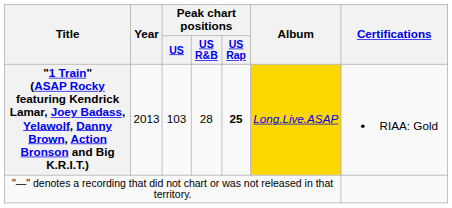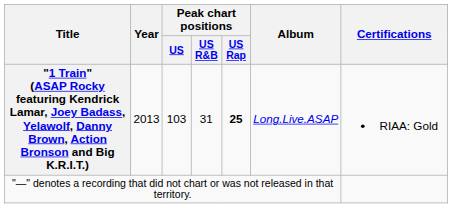 <table class="wikitable plainrowheaders" style="text-align:center;">
 <tr>
 <th scope="col" rowspan="2" style="width:22em;">Title</th>
 <th scope="col" rowspan="2">Year</th>
 <th scope="col" colspan="3">Peak chart positions</th>
 <th scope="col" rowspan="2">Album</th>
 <th scope="col" rowspan="2" style="width:13em;"><a href='#'>Certifications</a></th>
 </tr>
 <tr>
 <th scope="col" style="width:3em;font-size:90%;"><a href='#'>US</a><br></th>
 <th scope="col" style="width:3em;font-size:90%;"><a href='#'>US R&B</a><br></th>
 <th scope="col" style="width:3em;font-size:90%;"><a href='#'>US Rap</a><br></th>
 </tr>
 <tr>
 <th scope="row">"<a href='#'>1 Train</a>"<br><span>(<a href='#'>ASAP Rocky</a> featuring Kendrick Lamar, <a href='#'>Joey Badass</a>, <a href='#'>Yelawolf</a>, <a href='#'>Danny Brown</a>, <a href='#'>Action Bronson</a> and Big K.R.I.T.)</span></th>
 <td>2013</td>
 <td>103</td>
-<td>28</td>
+<td>31</td>
 <td><strong>25</strong></td>
-<td style="background: gold;"><em><a href='#'>Long.Live.ASAP</a></em></td>
+<td><em><a href='#'>Long.Live.ASAP</a></em></td>
 <td><br><ul><li>RIAA: Gold</li></ul></td>
 </tr>
 <tr>
 <td colspan="6" style="font-size:90%">"—" denotes a recording that did not chart or was not released in that territory.</td>
 </tr>
 </table>
